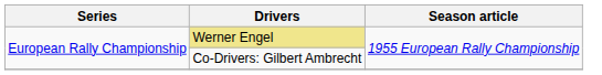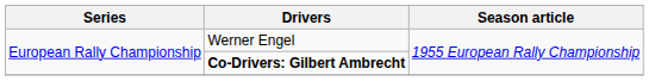 <table class="wikitable" style="font-size: 87%;">
 <tr>
 <th>Series</th>
 <th>Drivers</th>
 <th>Season article</th>
 </tr>
 <tr>
 <td rowspan=2><a href='#'>European Rally Championship</a></td>
-<td style="background: khaki;"> Werner Engel</td>
+<td> Werner Engel</td>
 <td rowspan=2><em><a href='#'>1955 European Rally Championship</a></em></td>
 </tr>
 <tr>
-<td>Co-Drivers:  Gilbert Ambrecht</td>
+<td><strong>Co-Drivers:  Gilbert Ambrecht</strong></td>
 </tr>
 <tr>
 </tr>
 </table>
